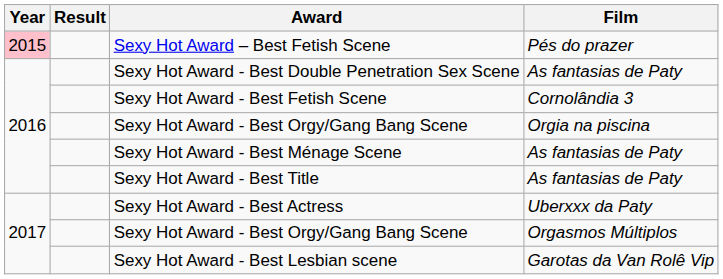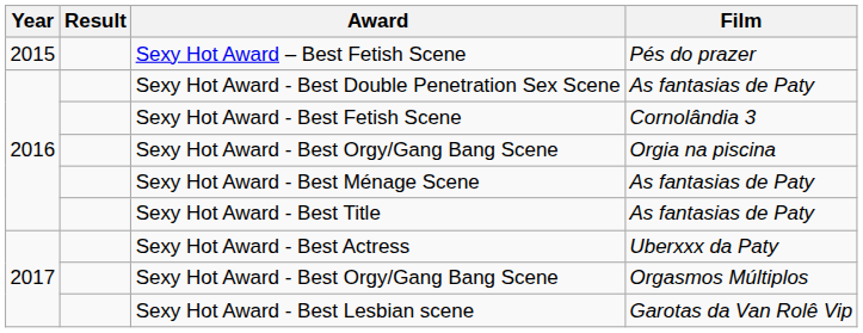 <table class="wikitable">
 <tr>
 <th>Year</th>
 <th>Result</th>
 <th>Award</th>
 <th>Film</th>
 </tr>
 <tr>
-<td style="background: pink;">2015</td>
+<td>2015</td>
 <td></td>
 <td><a href='#'>Sexy Hot Award</a> – Best Fetish Scene</td>
 <td><em>Pés do prazer</em></td>
 </tr>
 <tr>
 <td rowspan="5">2016</td>
 <td></td>
 <td>Sexy Hot Award - Best Double Penetration Sex Scene</td>
 <td><em>As fantasias de Paty</em></td>
 </tr>
 <tr>
 <td></td>
 <td>Sexy Hot Award - Best Fetish Scene</td>
 <td><em>Cornolândia 3</em></td>
 </tr>
 <tr>
 <td></td>
 <td>Sexy Hot Award - Best Orgy/Gang Bang Scene</td>
 <td><em> Orgia na piscina</em></td>
 </tr>
 <tr>
 <td></td>
 <td>Sexy Hot Award - Best Ménage Scene</td>
 <td><em>As fantasias de Paty</em></td>
 </tr>
 <tr>
 <td></td>
 <td>Sexy Hot Award - Best Title</td>
 <td><em>As fantasias de Paty</em></td>
 </tr>
 <tr>
 <td rowspan="3">2017</td>
 <td></td>
 <td>Sexy Hot Award - Best Actress</td>
 <td><em>Uberxxx da Paty</em></td>
 </tr>
 <tr>
 <td></td>
 <td>Sexy Hot Award - Best Orgy/Gang Bang Scene</td>
 <td><em>Orgasmos Múltiplos</em></td>
 </tr>
 <tr>
 <td></td>
 <td>Sexy Hot Award - Best Lesbian scene</td>
 <td><em>Garotas da Van Rolê Vip</em></td>
 </tr>
 </table>
